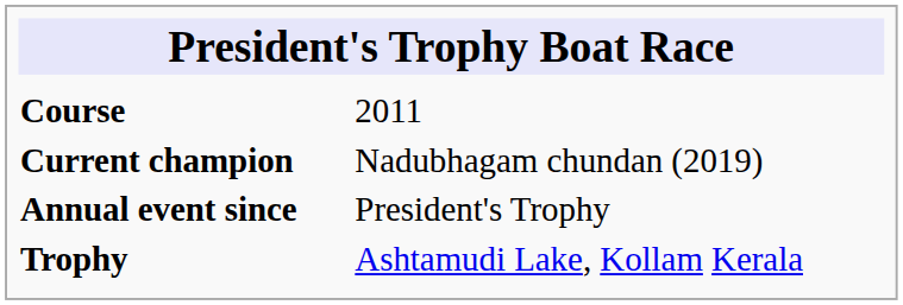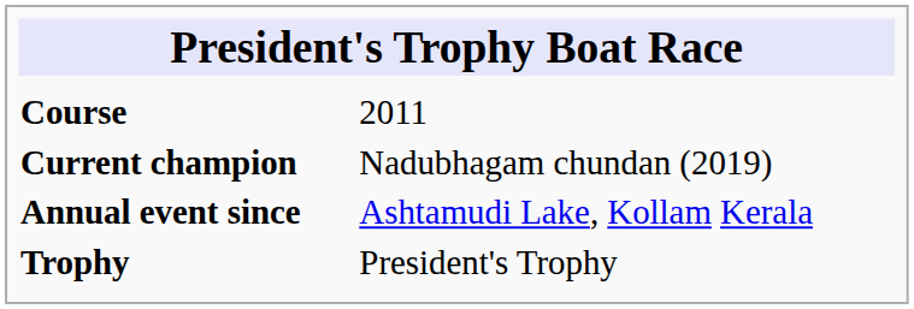 <table class="infobox" style="width: 26em; font-size: 95%;">
 <tr>
 <td colspan="2" style="text-align: center; font-size: 130%;background:lavender;"><strong>President's Trophy Boat Race</strong></td>
 </tr>
 <tr>
 <td colspan="2" style="width:100%; vertical-align:middle; text-align:center;"></td>
 </tr>
 <tr>
 <td><strong>Course</strong></td>
 <td>2011</td>
 </tr>
 <tr>
 <td><strong>Current champion</strong></td>
 <td>Nadubhagam chundan (2019)</td>
 </tr>
 <tr>
 <td><strong>Annual event since</strong></td>
-<td>President's Trophy</td>
+<td><a href='#'>Ashtamudi Lake</a>, <a href='#'>Kollam</a> <a href='#'>Kerala</a></td>
 </tr>
 <tr>
 <td><strong>Trophy</strong></td>
-<td><a href='#'>Ashtamudi Lake</a>, <a href='#'>Kollam</a> <a href='#'>Kerala</a></td>
+<td>President's Trophy</td>
 </tr>
 <tr>
 </tr>
 </table>
